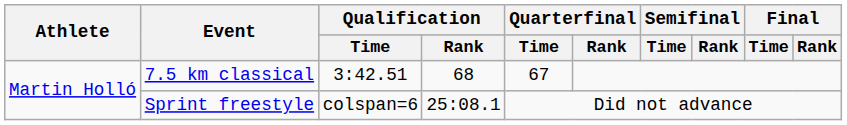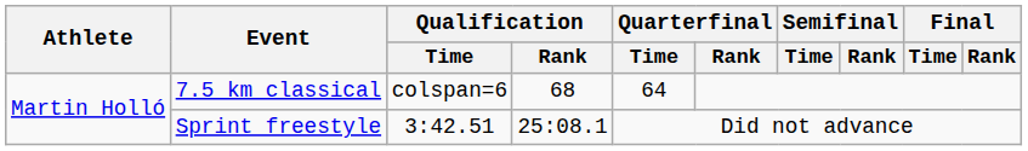 <table class="wikitable" style="font-size:90%">
 <tr>
 <th rowspan="2">Athlete</th>
 <th rowspan="2">Event</th>
 <th colspan="2">Qualification</th>
 <th colspan="2">Quarterfinal</th>
 <th colspan="2">Semifinal</th>
 <th colspan="2">Final</th>
 </tr>
 <tr style="font-size:95%">
 <th>Time</th>
 <th>Rank</th>
 <th>Time</th>
 <th>Rank</th>
 <th>Time</th>
 <th>Rank</th>
 <th>Time</th>
 <th>Rank</th>
 </tr>
 <tr align=center>
 <td align=left rowspan=2><a href='#'>Martin Holló</a></td>
 <td align=left><a href='#'>7.5 km classical</a></td>
-<td>3:42.51</td>
+<td>colspan=6</td>
 <td>68</td>
-<td>67</td>
+<td>64</td>
 </tr>
 <tr align=center>
 <td align=left><a href='#'>Sprint freestyle</a></td>
-<td>colspan=6</td>
+<td>3:42.51</td>
 <td>25:08.1</td>
 <td colspan=6>Did not advance</td>
 </tr>
 </table>
